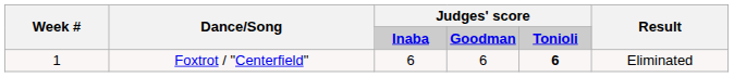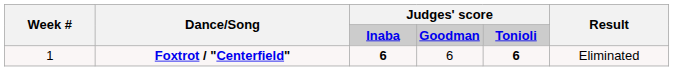 <table class="wikitable">
 <tr style="text-align: center;">
 <th rowspan="2">Week #</th>
 <th rowspan="2">Dance/Song</th>
 <th colspan="3">Judges' score</th>
 <th rowspan="2">Result</th>
 </tr>
 <tr style="text-align: center; background: #ccc;">
 <td style="width:10%; "><strong><a href='#'>Inaba</a></strong></td>
 <td style="width:10%; "><strong><a href='#'>Goodman</a></strong></td>
 <td style="width:10%; "><strong><a href='#'>Tonioli</a></strong></td>
 </tr>
 <tr style="text-align:center; background: #faf6f6;">
 <td>1</td>
-<td><a href='#'>Foxtrot</a> / "<a href='#'>Centerfield</a>"</td>
-<td>6</td>
+<td><strong><a href='#'>Foxtrot</a> / "<a href='#'>Centerfield</a>"</strong></td>
+<td><strong>6</strong></td>
 <td>6</td>
 <td><strong>6</strong></td>
 <td>Eliminated</td>
 </tr>
 </table>
